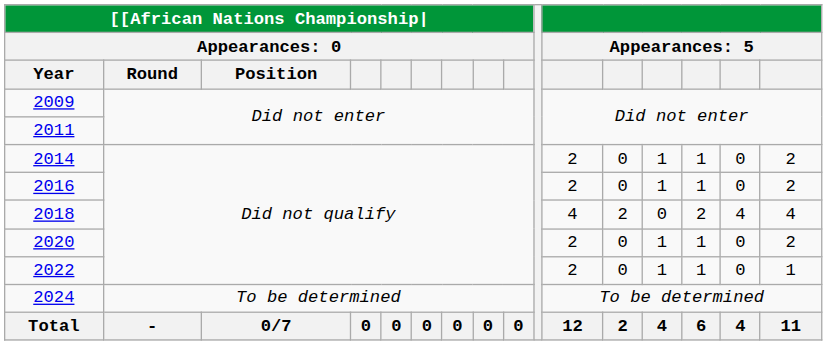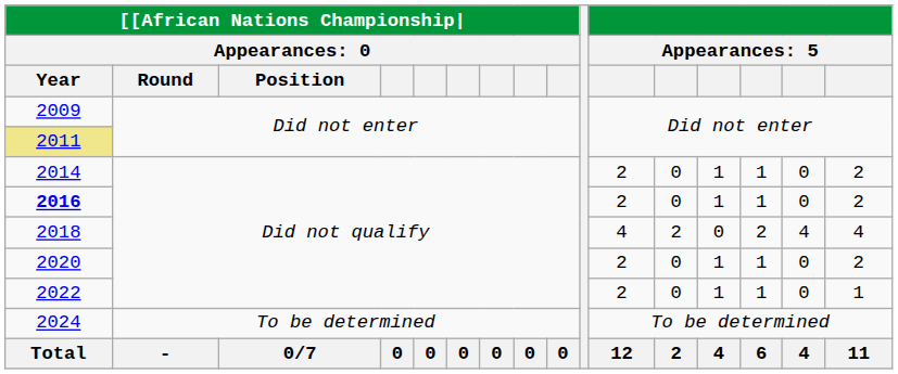 <table class="wikitable" style="text-align: center;">
 <tr>
 <th colspan=9 style="background:#009639; color:white; ">[[African Nations Championship|</th>
 <th width=1% rowspan=12></th>
 <th colspan=6 style="background:#009639; color:white; "></th>
 </tr>
 <tr>
 <th colspan=9>Appearances: 0</th>
 <th colspan=6>Appearances: 5</th>
 </tr>
 <tr>
 <th>Year</th>
 <th>Round</th>
 <th>Position</th>
 <th></th>
 <th></th>
 <th></th>
 <th></th>
 <th></th>
 <th></th>
 <th></th>
 <th></th>
 <th></th>
 <th></th>
 <th></th>
 <th></th>
 </tr>
 <tr>
 <td> <a href='#'>2009</a></td>
 <td colspan=8 rowspan=2><em>Did not enter</em></td>
 <td colspan=6 rowspan=2><em>Did not enter</em></td>
 </tr>
 <tr>
-<td> <a href='#'>2011</a></td>
+<td style="background: khaki;"> <a href='#'>2011</a></td>
 </tr>
 <tr>
 <td> <a href='#'>2014</a></td>
 <td colspan=8 rowspan=5><em>Did not qualify</em></td>
 <td>2</td>
 <td>0</td>
 <td>1</td>
 <td>1</td>
 <td>0</td>
 <td>2</td>
 </tr>
 <tr>
-<td> <a href='#'>2016</a></td>
+<td><strong> <a href='#'>2016</a></strong></td>
 <td>2</td>
 <td>0</td>
 <td>1</td>
 <td>1</td>
 <td>0</td>
 <td>2</td>
 </tr>
 <tr>
 <td> <a href='#'>2018</a></td>
 <td>4</td>
 <td>2</td>
 <td>0</td>
 <td>2</td>
 <td>4</td>
 <td>4</td>
 </tr>
 <tr>
 <td> <a href='#'>2020</a></td>
 <td>2</td>
 <td>0</td>
 <td>1</td>
 <td>1</td>
 <td>0</td>
 <td>2</td>
 </tr>
 <tr>
 <td> <a href='#'>2022</a></td>
 <td>2</td>
 <td>0</td>
 <td>1</td>
 <td>1</td>
 <td>0</td>
 <td>1</td>
 </tr>
 <tr>
 <td>   <a href='#'>2024</a></td>
 <td colspan=8><em>To be determined</em></td>
 <td colspan=6><em>To be determined</em></td>
 </tr>
 <tr>
 <th>Total</th>
 <th><strong>-</strong></th>
 <th><strong>0/7</strong></th>
 <th><strong>0</strong></th>
 <th><strong>0</strong></th>
 <th><strong>0</strong></th>
 <th><strong>0</strong></th>
 <th><strong>0</strong></th>
 <th><strong>0</strong></th>
 <th><strong>12</strong></th>
 <th><strong>2</strong></th>
 <th><strong>4</strong></th>
 <th><strong>6</strong></th>
 <th><strong>4</strong></th>
 <th><strong>11</strong></th>
 </tr>
 </table>
